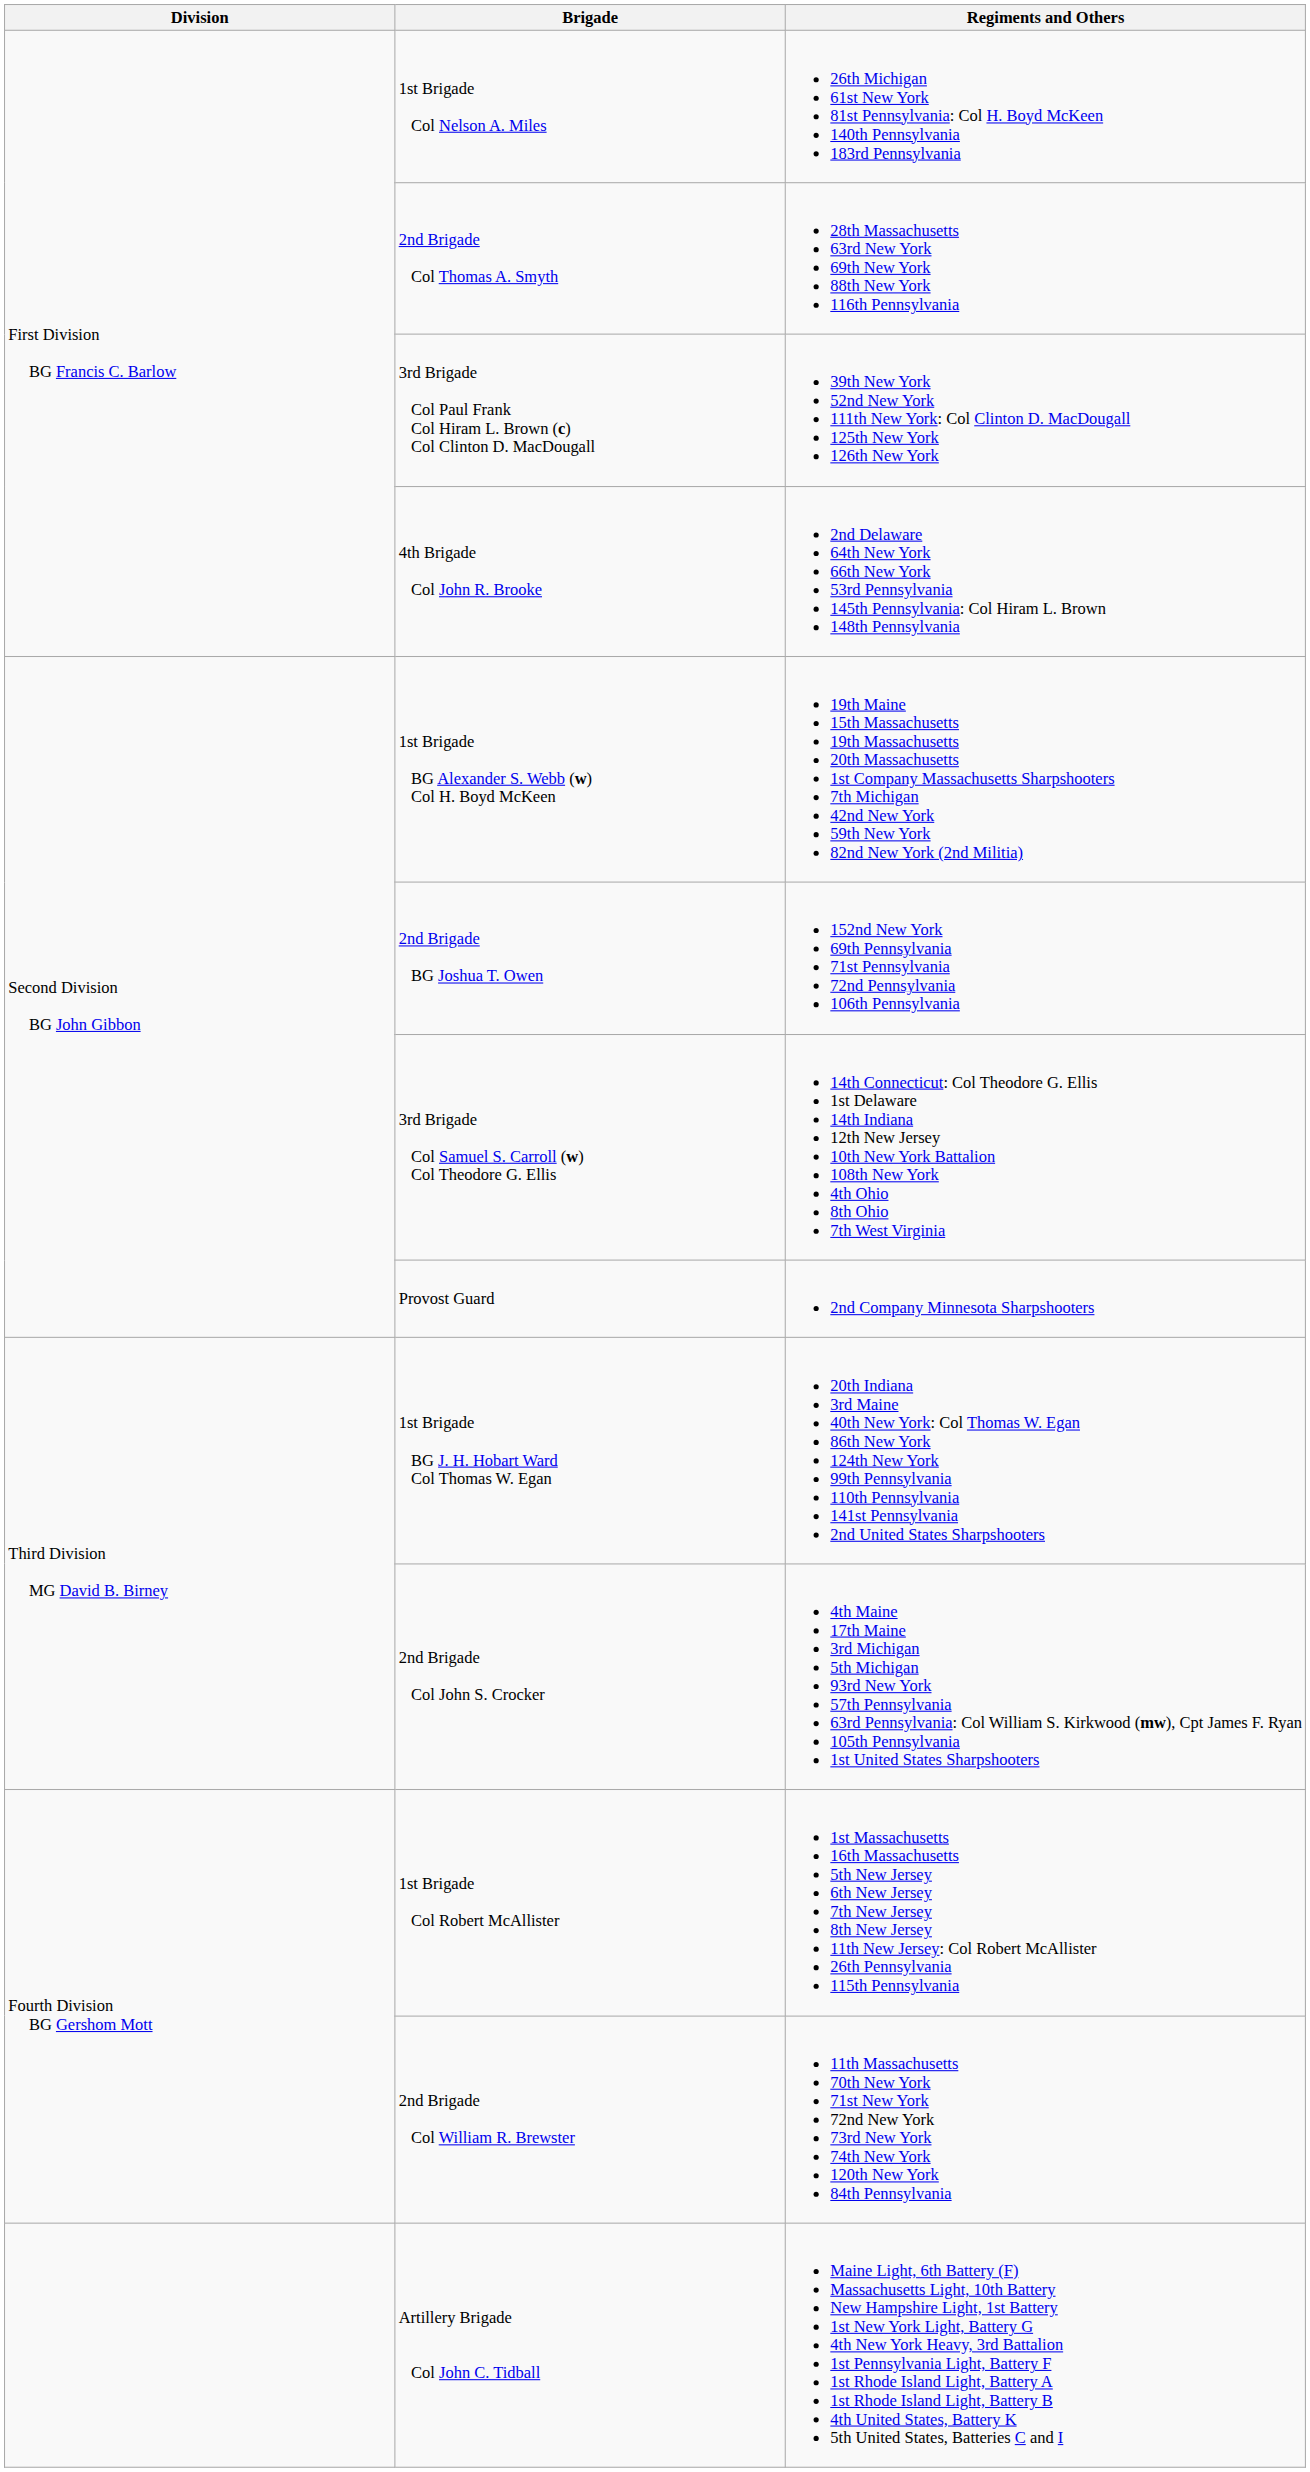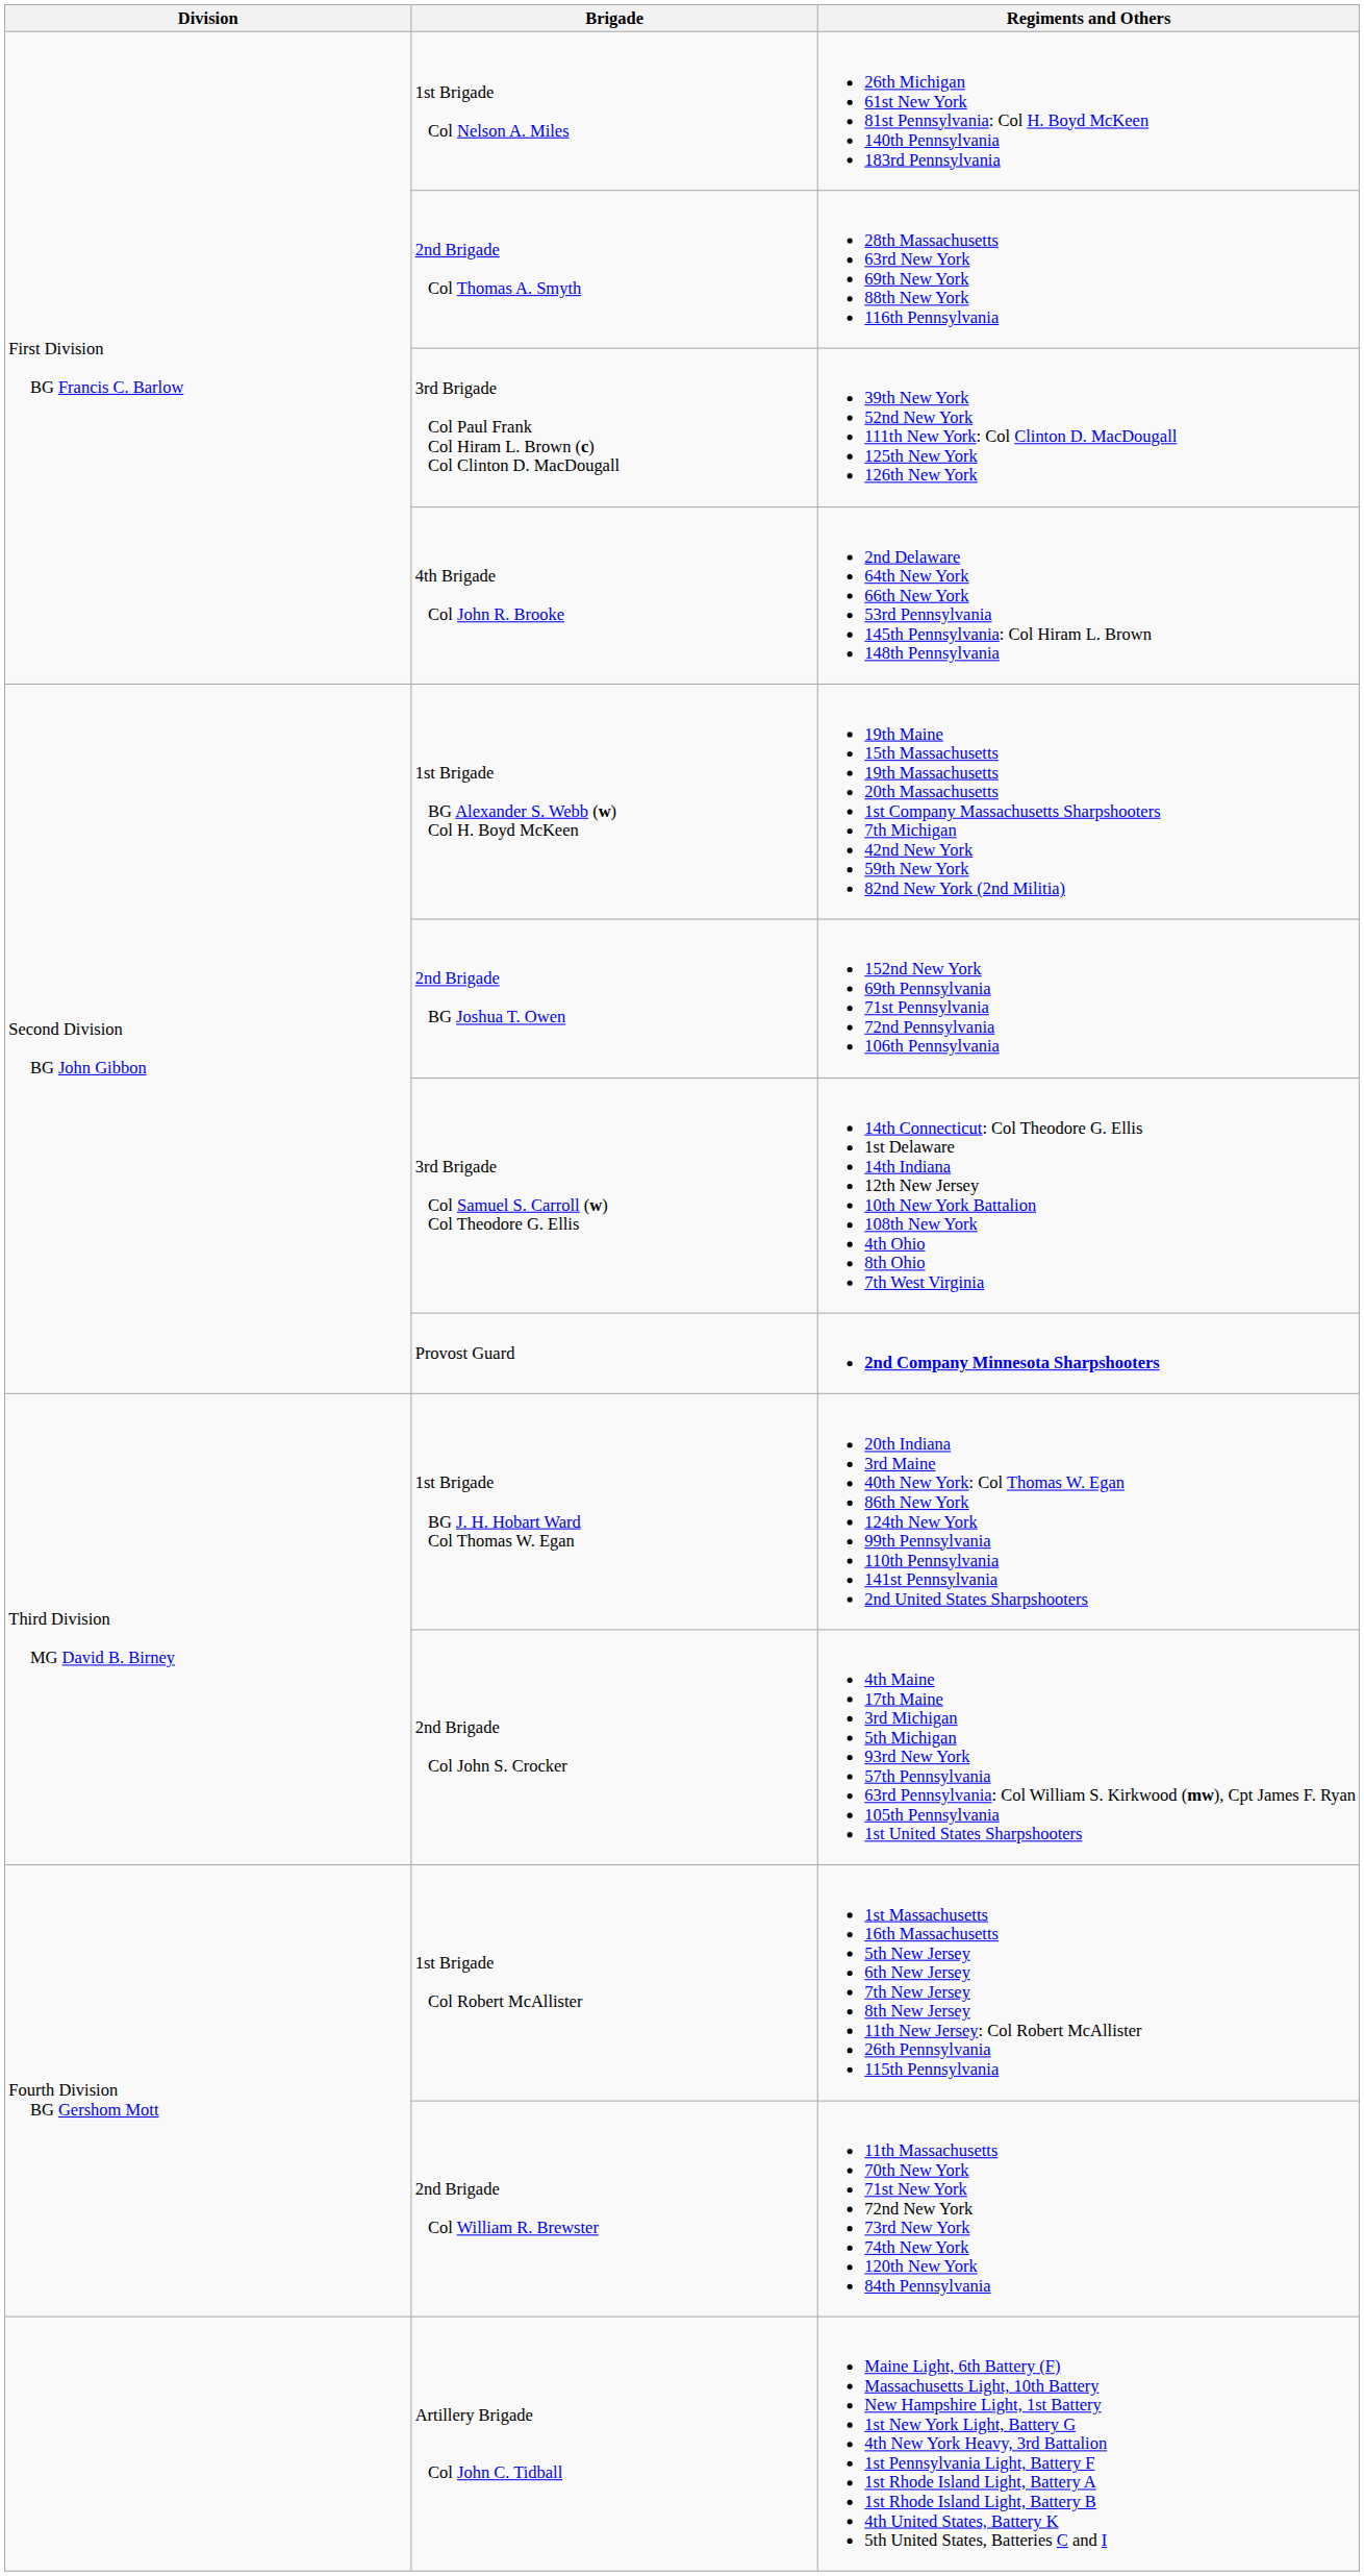 <table class="wikitable">
 <tr>
 <th width=30%>Division</th>
 <th width=30%>Brigade</th>
 <th>Regiments and Others</th>
 </tr>
 <tr>
 <td rowspan=4><br>First Division<br> <br>     BG <a href='#'>Francis C. Barlow</a></td>
 <td>1st Brigade<br><br>   Col <a href='#'>Nelson A. Miles</a></td>
 <td><br><ul><li><a href='#'>26th Michigan</a></li><li><a href='#'>61st New York</a></li><li><a href='#'>81st Pennsylvania</a>: Col <a href='#'>H. Boyd McKeen</a></li><li><a href='#'>140th Pennsylvania</a></li><li><a href='#'>183rd Pennsylvania</a></li></ul></td>
 </tr>
 <tr>
 <td><a href='#'>2nd Brigade</a><br><br>   Col <a href='#'>Thomas A. Smyth</a></td>
 <td><br><ul><li><a href='#'>28th Massachusetts</a></li><li><a href='#'>63rd New York</a></li><li><a href='#'>69th New York</a></li><li><a href='#'>88th New York</a></li><li><a href='#'>116th Pennsylvania</a></li></ul></td>
 </tr>
 <tr>
 <td>3rd Brigade<br><br>   Col Paul Frank <br>   Col Hiram L. Brown (<strong>c</strong>) <br>   Col Clinton D. MacDougall</td>
 <td><br><ul><li><a href='#'>39th New York</a></li><li><a href='#'>52nd New York</a></li><li><a href='#'>111th New York</a>: Col <a href='#'>Clinton D. MacDougall</a></li><li><a href='#'>125th New York</a></li><li><a href='#'>126th New York</a></li></ul></td>
 </tr>
 <tr>
 <td>4th Brigade<br><br>   Col <a href='#'>John R. Brooke</a></td>
 <td><br><ul><li><a href='#'>2nd Delaware</a></li><li><a href='#'>64th New York</a></li><li><a href='#'>66th New York</a></li><li><a href='#'>53rd Pennsylvania</a></li><li><a href='#'>145th Pennsylvania</a>: Col Hiram L. Brown</li><li><a href='#'>148th Pennsylvania</a></li></ul></td>
 </tr>
 <tr>
 <td rowspan=4><br>Second Division<br> <br>     BG <a href='#'>John Gibbon</a></td>
 <td>1st Brigade<br><br>   BG <a href='#'>Alexander S. Webb</a> (<strong>w</strong>) <br>   Col H. Boyd McKeen</td>
 <td><br><ul><li><a href='#'>19th Maine</a></li><li><a href='#'>15th Massachusetts</a></li><li><a href='#'>19th Massachusetts</a></li><li><a href='#'>20th Massachusetts</a></li><li><a href='#'>1st Company Massachusetts Sharpshooters</a></li><li><a href='#'>7th Michigan</a></li><li><a href='#'>42nd New York</a></li><li><a href='#'>59th New York</a></li><li><a href='#'>82nd New York (2nd Militia)</a></li></ul></td>
 </tr>
 <tr>
 <td><a href='#'>2nd Brigade</a><br><br>   BG <a href='#'>Joshua T. Owen</a></td>
 <td><br><ul><li><a href='#'>152nd New York</a></li><li><a href='#'>69th Pennsylvania</a></li><li><a href='#'>71st Pennsylvania</a></li><li><a href='#'>72nd Pennsylvania</a></li><li><a href='#'>106th Pennsylvania</a></li></ul></td>
 </tr>
 <tr>
 <td>3rd Brigade<br><br>   Col <a href='#'>Samuel S. Carroll</a> (<strong>w</strong>) <br>   Col Theodore G. Ellis</td>
 <td><br><ul><li><a href='#'>14th Connecticut</a>: Col Theodore G. Ellis</li><li>1st Delaware</li><li><a href='#'>14th Indiana</a></li><li>12th New Jersey</li><li><a href='#'>10th New York Battalion</a></li><li><a href='#'>108th New York</a></li><li><a href='#'>4th Ohio</a></li><li><a href='#'>8th Ohio</a></li><li><a href='#'>7th West Virginia</a></li></ul></td>
 </tr>
 <tr>
 <td>Provost Guard</td>
-<td><br><ul><li><a href='#'>2nd Company Minnesota Sharpshooters</a></li></ul></td>
+<td><strong><br><ul><li><a href='#'>2nd Company Minnesota Sharpshooters</a></li></ul></strong></td>
 </tr>
 <tr>
 <td rowspan=2><br>Third Division<br> <br>     MG <a href='#'>David B. Birney</a></td>
 <td>1st Brigade<br><br>   BG <a href='#'>J. H. Hobart Ward</a> <br>   Col Thomas W. Egan</td>
 <td><br><ul><li><a href='#'>20th Indiana</a></li><li><a href='#'>3rd Maine</a></li><li><a href='#'>40th New York</a>: Col <a href='#'>Thomas W. Egan</a></li><li><a href='#'>86th New York</a></li><li><a href='#'>124th New York</a></li><li><a href='#'>99th Pennsylvania</a></li><li><a href='#'>110th Pennsylvania</a></li><li><a href='#'>141st Pennsylvania</a></li><li><a href='#'>2nd United States Sharpshooters</a></li></ul></td>
 </tr>
 <tr>
 <td>2nd Brigade<br><br>   Col John S. Crocker</td>
 <td><br><ul><li><a href='#'>4th Maine</a></li><li><a href='#'>17th Maine</a></li><li><a href='#'>3rd Michigan</a></li><li><a href='#'>5th Michigan</a></li><li><a href='#'>93rd New York</a></li><li><a href='#'>57th Pennsylvania</a></li><li><a href='#'>63rd Pennsylvania</a>: Col William S. Kirkwood (<strong>mw</strong>), Cpt James F. Ryan</li><li><a href='#'>105th Pennsylvania</a></li><li><a href='#'>1st United States Sharpshooters</a></li></ul></td>
 </tr>
 <tr>
 <td rowspan=2><br>Fourth Division <br>     BG <a href='#'>Gershom Mott</a></td>
 <td>1st Brigade<br><br>   Col Robert McAllister</td>
 <td><br><ul><li><a href='#'>1st Massachusetts</a></li><li><a href='#'>16th Massachusetts</a></li><li><a href='#'>5th New Jersey</a></li><li><a href='#'>6th New Jersey</a></li><li><a href='#'>7th New Jersey</a></li><li><a href='#'>8th New Jersey</a></li><li><a href='#'>11th New Jersey</a>: Col Robert McAllister</li><li><a href='#'>26th Pennsylvania</a></li><li><a href='#'>115th Pennsylvania</a></li></ul></td>
 </tr>
 <tr>
 <td>2nd Brigade<br><br>   Col <a href='#'>William R. Brewster</a></td>
 <td><br><ul><li><a href='#'>11th Massachusetts</a></li><li><a href='#'>70th New York</a></li><li><a href='#'>71st New York</a></li><li>72nd New York</li><li><a href='#'>73rd New York</a></li><li><a href='#'>74th New York</a></li><li><a href='#'>120th New York</a></li><li><a href='#'>84th Pennsylvania</a></li></ul></td>
 </tr>
 <tr>
 <td></td>
 <td>Artillery Brigade<br><br><br>   Col <a href='#'>John C. Tidball</a></td>
 <td><br><ul><li><a href='#'>Maine Light, 6th Battery (F)</a></li><li><a href='#'>Massachusetts Light, 10th Battery</a></li><li><a href='#'>New Hampshire Light, 1st Battery</a></li><li><a href='#'>1st New York Light, Battery G</a></li><li><a href='#'>4th New York Heavy, 3rd Battalion</a></li><li><a href='#'>1st Pennsylvania Light, Battery F</a></li><li><a href='#'>1st Rhode Island Light, Battery A</a></li><li><a href='#'>1st Rhode Island Light, Battery B</a></li><li><a href='#'>4th United States, Battery K</a></li><li>5th United States, Batteries <a href='#'>C</a> and <a href='#'>I</a></li></ul></td>
 </tr>
 </table>
